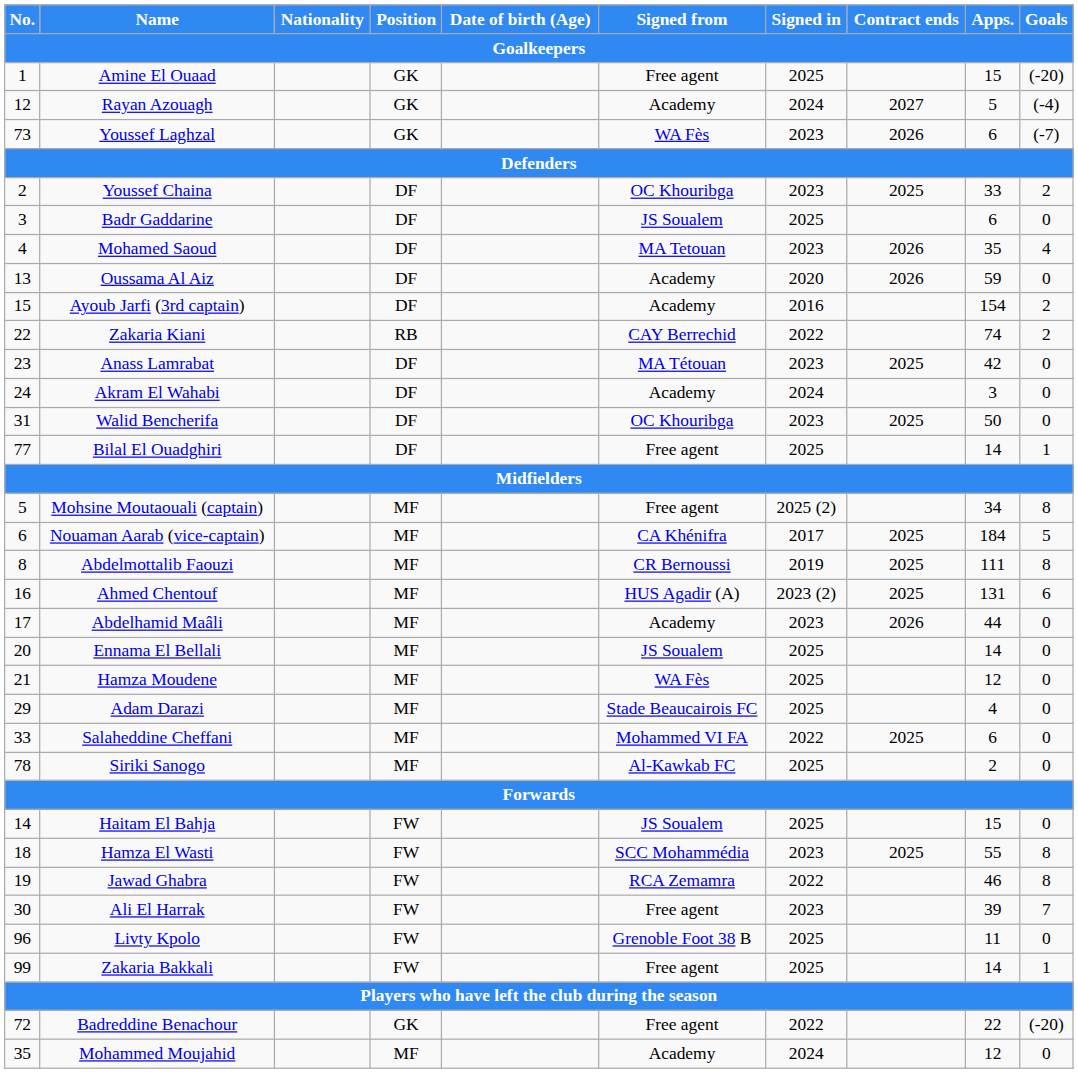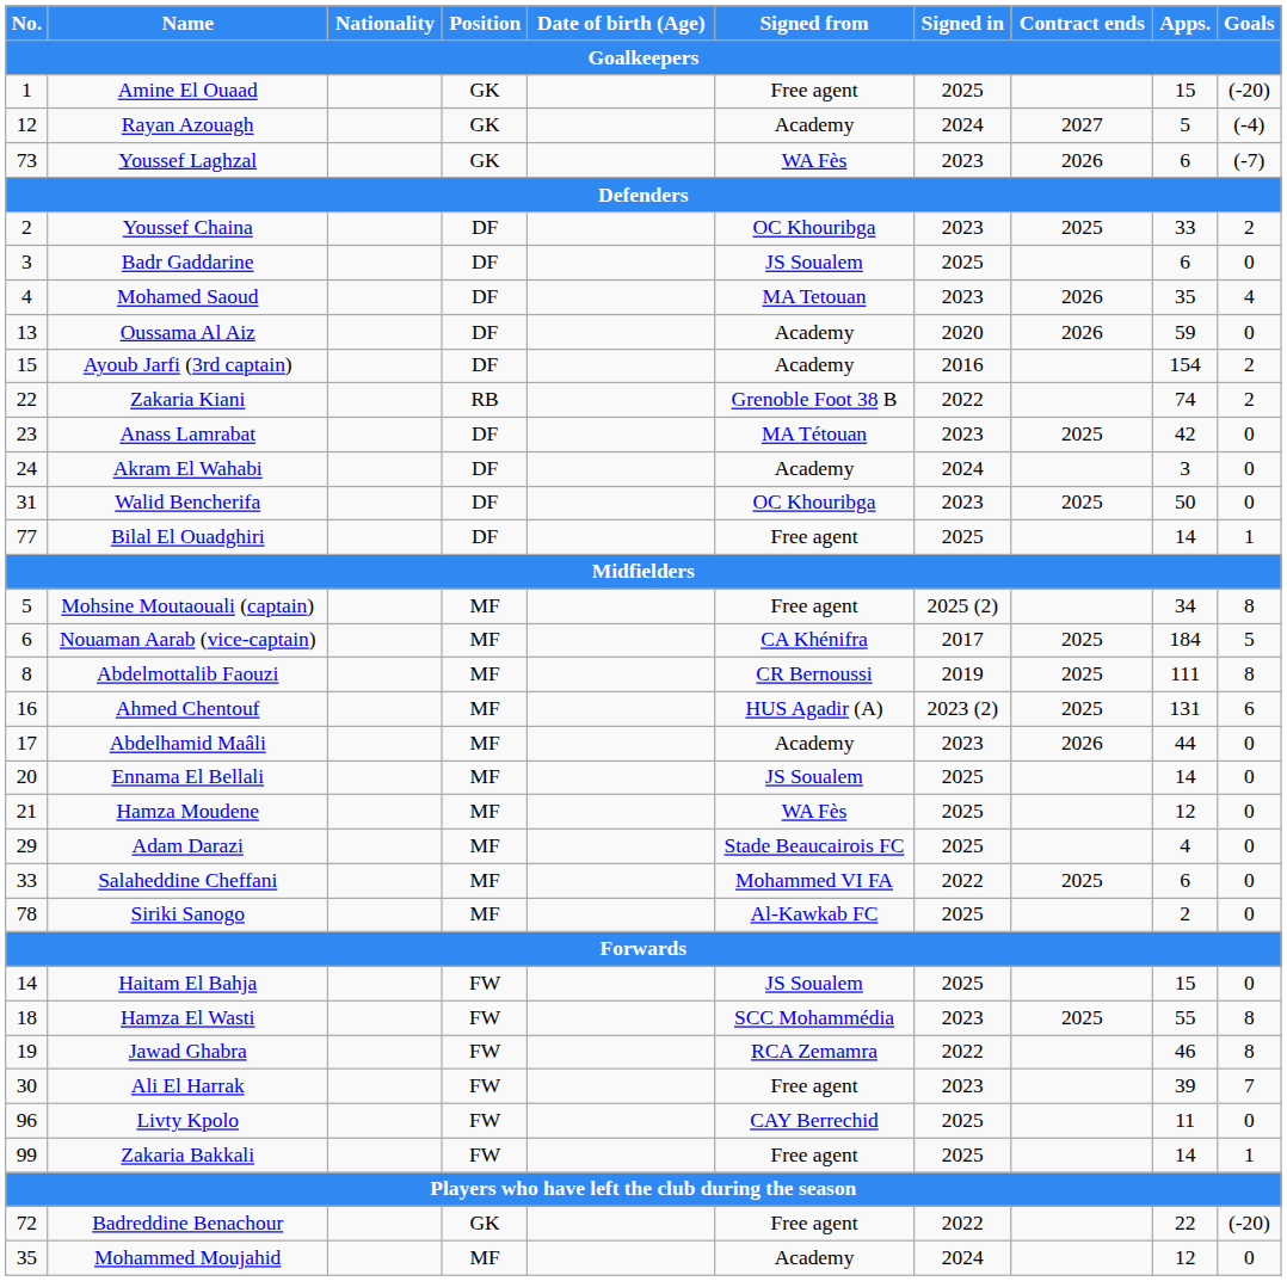 <table class="wikitable sortable"  style="text-align:center; font-size:90%; width:100%;">
 <tr>
 <th style="background:#3088f2; color:#ffffff; ">No.</th>
 <th style="background:#3088f2; color:#ffffff; ">Name</th>
 <th style="background:#3088f2; color:#ffffff; ">Nationality</th>
 <th style="background:#3088f2; color:#ffffff; ">Position</th>
 <th style="background:#3088f2; color:#ffffff; ">Date of birth (Age)</th>
 <th style="background:#3088f2; color:#ffffff; ">Signed from</th>
 <th style="background:#3088f2; color:#ffffff; ">Signed in</th>
 <th style="background:#3088f2; color:#ffffff; ">Contract ends</th>
 <th style="background:#3088f2; color:#ffffff; ">Apps.</th>
 <th style="background:#3088f2; color:#ffffff; ">Goals</th>
 </tr>
 <tr>
 <th colspan="11" style="background:#3088f2; color:#ffffff; ">Goalkeepers</th>
 </tr>
 <tr>
 <td>1</td>
 <td><a href='#'>Amine El Ouaad</a></td>
 <td></td>
 <td>GK</td>
 <td></td>
 <td>Free agent</td>
 <td>2025</td>
 <td></td>
 <td>15</td>
 <td>(-20)</td>
 </tr>
 <tr>
 <td>12</td>
 <td><a href='#'>Rayan Azouagh</a></td>
 <td></td>
 <td>GK</td>
 <td></td>
 <td>Academy</td>
 <td>2024</td>
 <td>2027</td>
 <td>5</td>
 <td>(-4)</td>
 </tr>
 <tr>
 <td>73</td>
 <td><a href='#'>Youssef Laghzal</a></td>
 <td></td>
 <td>GK</td>
 <td></td>
 <td><a href='#'>WA Fès</a></td>
 <td>2023</td>
 <td>2026</td>
 <td>6</td>
 <td>(-7)</td>
 </tr>
 <tr>
 <th colspan="11" style="background:#3088f2; color:#ffffff; ">Defenders</th>
 </tr>
 <tr>
 <td>2</td>
 <td><a href='#'>Youssef Chaina</a></td>
 <td></td>
 <td>DF</td>
 <td></td>
 <td><a href='#'>OC Khouribga</a></td>
 <td>2023</td>
 <td>2025</td>
 <td>33</td>
 <td>2</td>
 </tr>
 <tr>
 <td>3</td>
 <td><a href='#'>Badr Gaddarine</a></td>
 <td></td>
 <td>DF</td>
 <td></td>
 <td><a href='#'>JS Soualem</a></td>
 <td>2025</td>
 <td></td>
 <td>6</td>
 <td>0</td>
 </tr>
 <tr>
 <td>4</td>
 <td><a href='#'>Mohamed Saoud</a></td>
 <td></td>
 <td>DF</td>
 <td></td>
 <td><a href='#'>MA Tetouan</a></td>
 <td>2023</td>
 <td>2026</td>
 <td>35</td>
 <td>4</td>
 </tr>
 <tr>
 <td>13</td>
 <td><a href='#'>Oussama Al Aiz</a></td>
 <td></td>
 <td>DF</td>
 <td></td>
 <td>Academy</td>
 <td>2020</td>
 <td>2026</td>
 <td>59</td>
 <td>0</td>
 </tr>
 <tr>
 <td>15</td>
 <td><a href='#'>Ayoub Jarfi</a> (<a href='#'>3rd captain</a>)</td>
 <td></td>
 <td>DF</td>
 <td></td>
 <td>Academy</td>
 <td>2016</td>
 <td></td>
 <td>154</td>
 <td>2</td>
 </tr>
 <tr>
 <td>22</td>
 <td><a href='#'>Zakaria Kiani</a></td>
 <td></td>
 <td>RB</td>
 <td></td>
-<td><a href='#'>CAY Berrechid</a></td>
+<td><a href='#'>Grenoble Foot 38</a> B</td>
 <td>2022</td>
 <td></td>
 <td>74</td>
 <td>2</td>
 </tr>
 <tr>
 <td>23</td>
 <td><a href='#'>Anass Lamrabat</a></td>
 <td></td>
 <td>DF</td>
 <td></td>
 <td><a href='#'>MA Tétouan</a></td>
 <td>2023</td>
 <td>2025</td>
 <td>42</td>
 <td>0</td>
 </tr>
 <tr>
 <td>24</td>
 <td><a href='#'>Akram El Wahabi</a></td>
 <td></td>
 <td>DF</td>
 <td></td>
 <td>Academy</td>
 <td>2024</td>
 <td></td>
 <td>3</td>
 <td>0</td>
 </tr>
 <tr>
 <td>31</td>
 <td><a href='#'>Walid Bencherifa</a></td>
 <td></td>
 <td>DF</td>
 <td></td>
 <td><a href='#'>OC Khouribga</a></td>
 <td>2023</td>
 <td>2025</td>
 <td>50</td>
 <td>0</td>
 </tr>
 <tr>
 <td>77</td>
 <td><a href='#'>Bilal El Ouadghiri</a></td>
 <td></td>
 <td>DF</td>
 <td></td>
 <td>Free agent</td>
 <td>2025</td>
 <td></td>
 <td>14</td>
 <td>1</td>
 </tr>
 <tr>
 <th colspan="11" style="background:#3088f2; color:#ffffff; ">Midfielders</th>
 </tr>
 <tr>
 <td>5</td>
 <td><a href='#'>Mohsine Moutaouali</a> (<a href='#'>captain</a>)</td>
 <td></td>
 <td>MF</td>
 <td></td>
 <td>Free agent</td>
 <td>2025 (2)</td>
 <td></td>
 <td>34</td>
 <td>8</td>
 </tr>
 <tr>
 <td>6</td>
 <td><a href='#'>Nouaman Aarab</a> (<a href='#'>vice-captain</a>)</td>
 <td></td>
 <td>MF</td>
 <td></td>
 <td><a href='#'>CA Khénifra</a></td>
 <td>2017</td>
 <td>2025</td>
 <td>184</td>
 <td>5</td>
 </tr>
 <tr>
 <td>8</td>
 <td><a href='#'>Abdelmottalib Faouzi</a></td>
 <td></td>
 <td>MF</td>
 <td></td>
 <td><a href='#'>CR Bernoussi</a></td>
 <td>2019</td>
 <td>2025</td>
 <td>111</td>
 <td>8</td>
 </tr>
 <tr>
 <td>16</td>
 <td><a href='#'>Ahmed Chentouf</a></td>
 <td></td>
 <td>MF</td>
 <td></td>
 <td><a href='#'>HUS Agadir</a> (A)</td>
 <td>2023 (2)</td>
 <td>2025</td>
 <td>131</td>
 <td>6</td>
 </tr>
 <tr>
 <td>17</td>
 <td><a href='#'>Abdelhamid Maâli</a></td>
 <td></td>
 <td>MF</td>
 <td></td>
 <td>Academy</td>
 <td>2023</td>
 <td>2026</td>
 <td>44</td>
 <td>0</td>
 </tr>
 <tr>
 <td>20</td>
 <td><a href='#'>Ennama El Bellali</a></td>
 <td></td>
 <td>MF</td>
 <td></td>
 <td><a href='#'>JS Soualem</a></td>
 <td>2025</td>
 <td></td>
 <td>14</td>
 <td>0</td>
 </tr>
 <tr>
 <td>21</td>
 <td><a href='#'>Hamza Moudene</a></td>
 <td></td>
 <td>MF</td>
 <td></td>
 <td><a href='#'>WA Fès</a></td>
 <td>2025</td>
 <td></td>
 <td>12</td>
 <td>0</td>
 </tr>
 <tr>
 <td>29</td>
 <td><a href='#'>Adam Darazi</a></td>
 <td></td>
 <td>MF</td>
 <td></td>
 <td><a href='#'>Stade Beaucairois FC</a></td>
 <td>2025</td>
 <td></td>
 <td>4</td>
 <td>0</td>
 </tr>
 <tr>
 <td>33</td>
 <td><a href='#'>Salaheddine Cheffani</a></td>
 <td></td>
 <td>MF</td>
 <td></td>
 <td><a href='#'>Mohammed VI FA</a></td>
 <td>2022</td>
 <td>2025</td>
 <td>6</td>
 <td>0</td>
 </tr>
 <tr>
 <td>78</td>
 <td><a href='#'>Siriki Sanogo</a></td>
 <td></td>
 <td>MF</td>
 <td></td>
 <td><a href='#'>Al-Kawkab FC</a></td>
 <td>2025</td>
 <td></td>
 <td>2</td>
 <td>0</td>
 </tr>
 <tr>
 <th colspan="11" style="background:#3088f2; color:#ffffff; ">Forwards</th>
 </tr>
 <tr>
 <td>14</td>
 <td><a href='#'>Haitam El Bahja</a></td>
 <td></td>
 <td>FW</td>
 <td></td>
 <td><a href='#'>JS Soualem</a></td>
 <td>2025</td>
 <td></td>
 <td>15</td>
 <td>0</td>
 </tr>
 <tr>
 <td>18</td>
 <td><a href='#'>Hamza El Wasti</a></td>
 <td></td>
 <td>FW</td>
 <td></td>
 <td><a href='#'>SCC Mohammédia</a></td>
 <td>2023</td>
 <td>2025</td>
 <td>55</td>
 <td>8</td>
 </tr>
 <tr>
 <td>19</td>
 <td><a href='#'>Jawad Ghabra</a></td>
 <td></td>
 <td>FW</td>
 <td></td>
 <td><a href='#'>RCA Zemamra</a></td>
 <td>2022</td>
 <td></td>
 <td>46</td>
 <td>8</td>
 </tr>
 <tr>
 <td>30</td>
 <td><a href='#'>Ali El Harrak</a></td>
 <td></td>
 <td>FW</td>
 <td></td>
 <td>Free agent</td>
 <td>2023</td>
 <td></td>
 <td>39</td>
 <td>7</td>
 </tr>
 <tr>
 <td>96</td>
 <td><a href='#'>Livty Kpolo</a></td>
 <td></td>
 <td>FW</td>
 <td></td>
-<td><a href='#'>Grenoble Foot 38</a> B</td>
+<td><a href='#'>CAY Berrechid</a></td>
 <td>2025</td>
 <td></td>
 <td>11</td>
 <td>0</td>
 </tr>
 <tr>
 <td>99</td>
 <td><a href='#'>Zakaria Bakkali</a></td>
 <td></td>
 <td>FW</td>
 <td></td>
 <td>Free agent</td>
 <td>2025</td>
 <td></td>
 <td>14</td>
 <td>1</td>
 </tr>
 <tr>
 <th colspan="11" style="background:#3088f2; color:#ffffff; ">Players who have left the club during the season</th>
 </tr>
 <tr>
 <td>72</td>
 <td><a href='#'>Badreddine Benachour</a></td>
 <td></td>
 <td>GK</td>
 <td></td>
 <td>Free agent</td>
 <td>2022</td>
 <td></td>
 <td>22</td>
 <td>(-20)</td>
 </tr>
 <tr>
 <td>35</td>
 <td><a href='#'>Mohammed Moujahid</a></td>
 <td></td>
 <td>MF</td>
 <td></td>
 <td>Academy</td>
 <td>2024</td>
 <td></td>
 <td>12</td>
 <td>0</td>
 </tr>
 </table>
